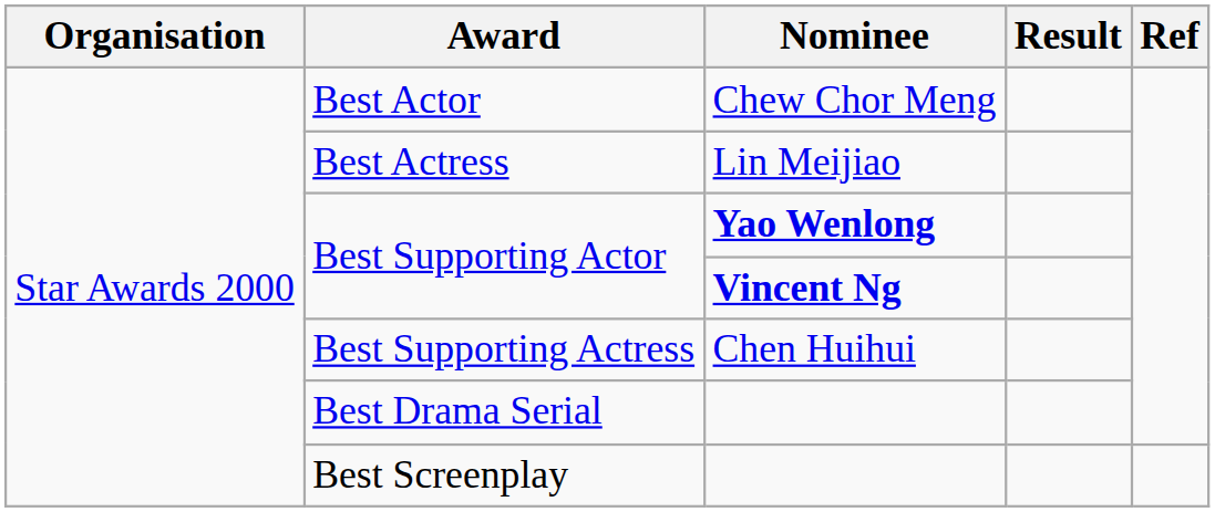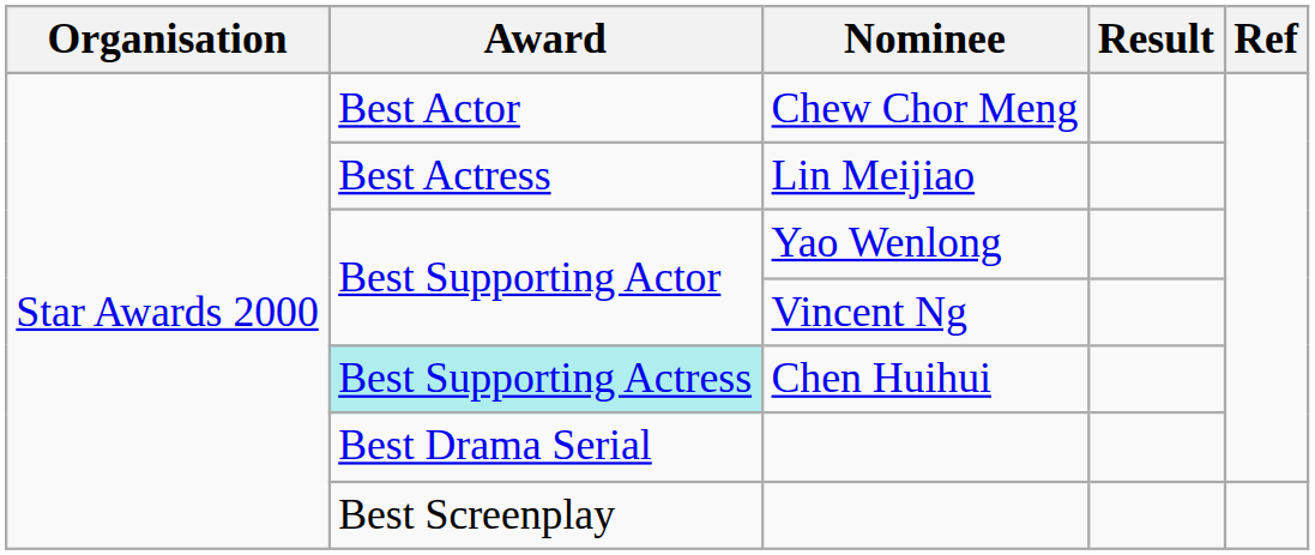 <table class="wikitable">
 <tr>
 <th>Organisation</th>
 <th>Award</th>
 <th>Nominee</th>
 <th>Result</th>
 <th>Ref</th>
 </tr>
 <tr>
 <td rowspan="7"><a href='#'>Star Awards 2000</a></td>
 <td><a href='#'>Best Actor</a></td>
 <td><a href='#'>Chew Chor Meng</a></td>
 <td></td>
 <td rowspan="6"></td>
 </tr>
 <tr>
 <td><a href='#'>Best Actress</a></td>
 <td><a href='#'>Lin Meijiao</a></td>
 <td></td>
 </tr>
 <tr>
 <td rowspan="2"><a href='#'>Best Supporting Actor</a></td>
-<td><strong><a href='#'>Yao Wenlong</a></strong></td>
+<td><a href='#'>Yao Wenlong</a></td>
 <td></td>
 </tr>
 <tr>
-<td><strong><a href='#'>Vincent Ng</a></strong></td>
+<td><a href='#'>Vincent Ng</a></td>
 <td></td>
 </tr>
 <tr>
-<td><a href='#'>Best Supporting Actress</a></td>
+<td style="background: paleturquoise;"><a href='#'>Best Supporting Actress</a></td>
 <td><a href='#'>Chen Huihui</a></td>
 <td></td>
 </tr>
 <tr>
 <td><a href='#'>Best Drama Serial</a></td>
 <td></td>
 <td></td>
 </tr>
 <tr>
 <td>Best Screenplay</td>
 <td></td>
 <td></td>
 <td></td>
 </tr>
 </table>
